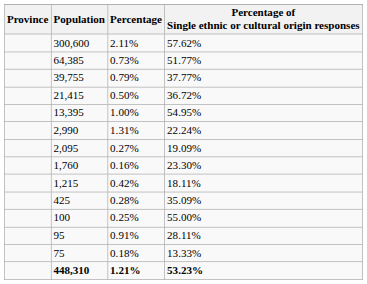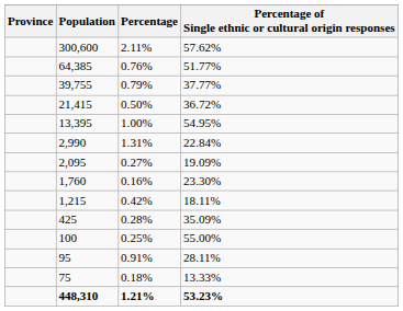 <table class="wikitable sortable">
 <tr>
 </tr>
 <tr>
 <th>Province</th>
 <th>Population</th>
 <th>Percentage</th>
 <th>Percentage of<br><strong>Single ethnic</strong>  <strong>or cultural origin</strong>  <strong>responses</strong></th>
 </tr>
 <tr>
 <td></td>
 <td>300,600</td>
 <td>2.11%</td>
 <td>57.62%</td>
 </tr>
 <tr>
 <td></td>
 <td>64,385</td>
-<td>0.73%</td>
+<td>0.76%</td>
 <td>51.77%</td>
 </tr>
 <tr>
 <td></td>
 <td>39,755</td>
 <td>0.79%</td>
 <td>37.77%</td>
 </tr>
 <tr>
 <td></td>
 <td>21,415</td>
 <td>0.50%</td>
 <td>36.72%</td>
 </tr>
 <tr>
 <td></td>
 <td>13,395</td>
 <td>1.00%</td>
 <td>54.95%</td>
 </tr>
 <tr>
 <td></td>
 <td>2,990</td>
 <td>1.31%</td>
-<td>22.24%</td>
+<td>22.84%</td>
 </tr>
 <tr>
 <td></td>
 <td>2,095</td>
 <td>0.27%</td>
 <td>19.09%</td>
 </tr>
 <tr>
 <td></td>
 <td>1,760</td>
 <td>0.16%</td>
 <td>23.30%</td>
 </tr>
 <tr>
 <td></td>
 <td>1,215</td>
 <td>0.42%</td>
 <td>18.11%</td>
 </tr>
 <tr>
 <td></td>
 <td>425</td>
 <td>0.28%</td>
 <td>35.09%</td>
 </tr>
 <tr>
 <td></td>
 <td>100</td>
 <td>0.25%</td>
 <td>55.00%</td>
 </tr>
 <tr>
 <td></td>
 <td>95</td>
 <td>0.91%</td>
 <td>28.11%</td>
 </tr>
 <tr>
 <td></td>
 <td>75</td>
 <td>0.18%</td>
 <td>13.33%</td>
 </tr>
 <tr>
 <td></td>
 <td><strong>448,310</strong></td>
 <td><strong>1.21%</strong></td>
 <td><strong>53.23%</strong></td>
 </tr>
 </table>
